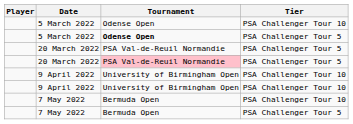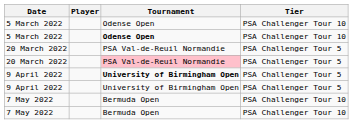 <table class="wikitable sortable">
 <tr>
+<th>Date</th>
 <th class=unsortable>Player</th>
-<th>Date</th>
 <th>Tournament</th>
 <th>Tier</th>
 </tr>
 <tr>
+<td>5 March 2022</td>
 <td></td>
-<td>5 March 2022</td>
 <td>Odense Open</td>
 <td>PSA Challenger Tour 10</td>
 </tr>
 <tr>
+<td>5 March 2022</td>
 <td></td>
-<td>5 March 2022</td>
 <td><strong>Odense Open</strong></td>
-<td>PSA Challenger Tour 5</td>
+<td>PSA Challenger Tour 10</td>
 </tr>
 <tr>
+<td>20 March 2022</td>
 <td></td>
-<td>20 March 2022</td>
 <td>PSA Val-de-Reuil Normandie</td>
 <td>PSA Challenger Tour 5</td>
 </tr>
 <tr>
+<td>20 March 2022</td>
 <td></td>
-<td>20 March 2022</td>
 <td style="background: pink;">PSA Val-de-Reuil Normandie</td>
 <td>PSA Challenger Tour 5</td>
 </tr>
 <tr>
+<td>9 April 2022</td>
 <td></td>
-<td>9 April 2022</td>
-<td>University of Birmingham Open</td>
-<td>PSA Challenger Tour 10</td>
+<td><strong>University of Birmingham Open</strong></td>
+<td>PSA Challenger Tour 5</td>
 </tr>
 <tr>
+<td>9 April 2022</td>
 <td></td>
-<td>9 April 2022</td>
 <td>University of Birmingham Open</td>
-<td>PSA Challenger Tour 10</td>
+<td>PSA Challenger Tour 5</td>
 </tr>
 <tr>
+<td>7 May 2022</td>
 <td></td>
-<td>7 May 2022</td>
 <td>Bermuda Open</td>
 <td>PSA Challenger Tour 10</td>
 </tr>
 <tr>
+<td>7 May 2022</td>
 <td></td>
-<td>7 May 2022</td>
 <td>Bermuda Open</td>
-<td>PSA Challenger Tour 5</td>
+<td>PSA Challenger Tour 10</td>
 </tr>
 </table>
